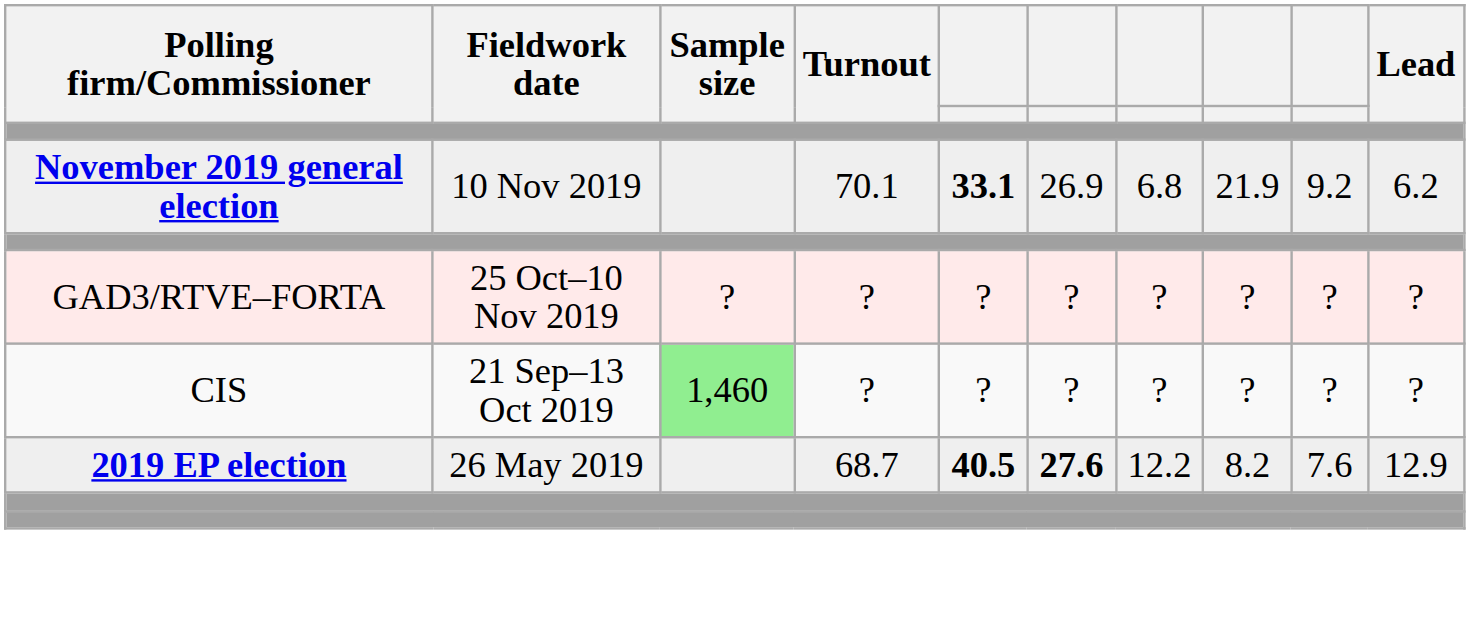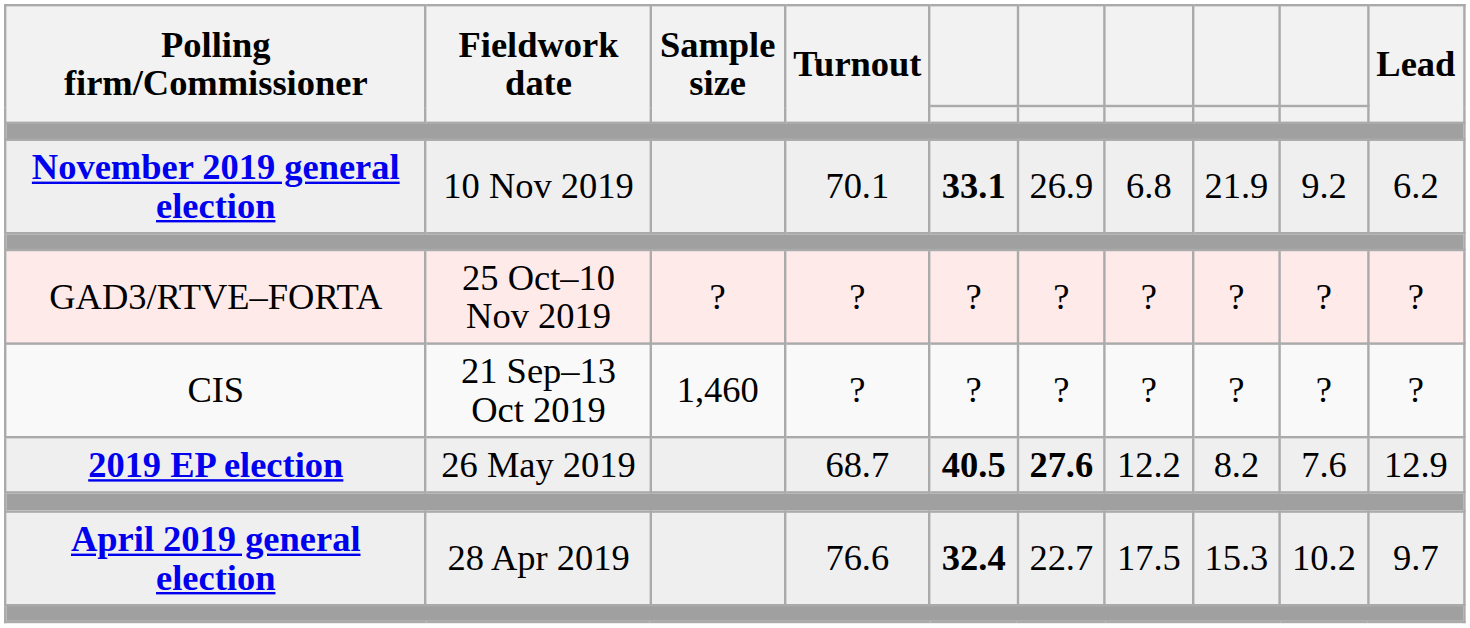 <table class="wikitable collapsible collapsed" style="text-align:center; font-size:95%; line-height:16px;">
 <tr style="height:42px;">
 <th style="width:250px;" rowspan="2">Polling firm/Commissioner</th>
 <th style="width:125px;" rowspan="2">Fieldwork date</th>
 <th style="width:50px;" rowspan="2">Sample size</th>
 <th style="width:45px;" rowspan="2">Turnout</th>
 <th style="width:35px;"></th>
 <th style="width:35px;"></th>
 <th style="width:35px;"></th>
 <th style="width:35px;"></th>
 <th style="width:35px;"></th>
 <th style="width:30px;" rowspan="2">Lead</th>
 </tr>
 <tr>
 <th style="color:inherit;background:"></th>
 <th style="color:inherit;background:"></th>
 <th style="color:inherit;background:"></th>
 <th style="color:inherit;background:"></th>
 <th style="color:inherit;background:"></th>
 </tr>
 <tr>
 <td colspan="10" style="background:#A0A0A0"></td>
 </tr>
 <tr style="background:#EFEFEF;">
 <td><strong><a href='#'>November 2019 general election</a></strong></td>
 <td>10 Nov 2019</td>
 <td></td>
 <td>70.1</td>
 <td><strong>33.1</strong><br></td>
 <td>26.9<br></td>
 <td>6.8<br></td>
 <td>21.9<br></td>
 <td>9.2<br></td>
 <td style="background:">6.2</td>
 </tr>
 <tr>
 <td colspan="10" style="background:#A0A0A0"></td>
 </tr>
 <tr style="background:#FFEAEA;">
 <td>GAD3/RTVE–FORTA</td>
 <td>25 Oct–10 Nov 2019</td>
 <td>?</td>
 <td>?</td>
 <td>?<br></td>
 <td>?<br></td>
 <td>?<br></td>
 <td>?<br></td>
 <td>?<br></td>
 <td style="background:">?</td>
 </tr>
 <tr>
 <td>CIS</td>
 <td>21 Sep–13 Oct 2019</td>
-<td style="background: lightgreen;">1,460</td>
+<td>1,460</td>
 <td>?</td>
 <td>?<br></td>
 <td>?<br></td>
 <td>?<br></td>
 <td>?<br></td>
 <td>?<br></td>
 <td style="background:">?</td>
 </tr>
 <tr style="background:#EFEFEF;">
 <td><strong><a href='#'>2019 EP election</a></strong></td>
 <td>26 May 2019</td>
 <td></td>
 <td>68.7</td>
 <td><strong>40.5</strong><br></td>
 <td><strong>27.6<br></strong></td>
 <td>12.2<br></td>
 <td>8.2<br></td>
 <td>7.6<br></td>
 <td style="background:">12.9</td>
 </tr>
 <tr>
 <td colspan="10" style="background:#A0A0A0"></td>
 </tr>
+<tr style="background:#EFEFEF;">
+<td><strong><a href='#'>April 2019 general election</a></strong></td>
+<td>28 Apr 2019</td>
+<td></td>
+<td>76.6</td>
+<td><strong>32.4</strong><br></td>
+<td>22.7<br></td>
+<td>17.5<br></td>
+<td>15.3<br></td>
+<td>10.2<br></td>
+<td style="background:">9.7</td>
+</tr>
 <tr>
 <td colspan="10" style="background:#A0A0A0"></td>
 </tr>
 </table>
